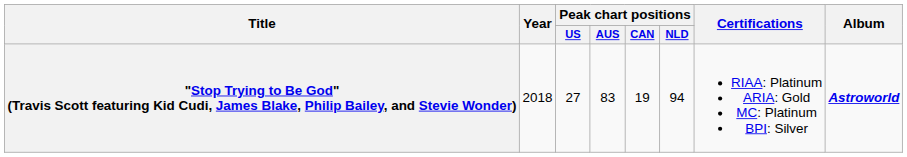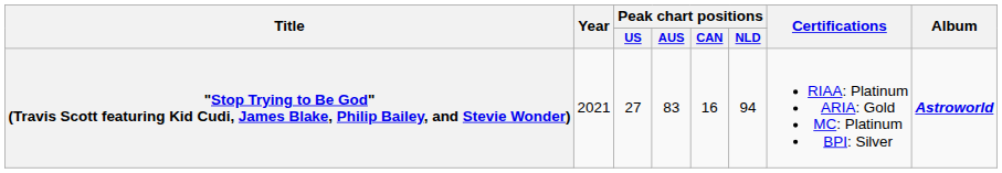 <table class="wikitable plainrowheaders" style="text-align:center;">
 <tr>
 <th rowspan="2">Title</th>
 <th rowspan="2">Year</th>
 <th colspan="4">Peak chart positions</th>
 <th rowspan="2"><a href='#'>Certifications</a></th>
 <th rowspan="2">Album</th>
 </tr>
 <tr style="font-size:smaller;">
 <th width="35"><a href='#'>US</a><br></th>
 <th width="35"><a href='#'>AUS</a><br></th>
 <th width="35"><a href='#'>CAN</a><br></th>
 <th width="35"><a href='#'>NLD</a><br></th>
 </tr>
 <tr>
 <th scope="row">"<a href='#'>Stop Trying to Be God</a>"<br><span>(Travis Scott featuring Kid Cudi, <a href='#'>James Blake</a>, <a href='#'>Philip Bailey</a>, and <a href='#'>Stevie Wonder</a>)</span></th>
-<td>2018</td>
+<td>2021</td>
 <td>27</td>
 <td>83</td>
-<td>19</td>
+<td>16</td>
 <td>94</td>
 <td><br><ul><li><a href='#'>RIAA</a>: Platinum</li><li><a href='#'>ARIA</a>: Gold</li><li><a href='#'>MC</a>: Platinum</li><li><a href='#'>BPI</a>: Silver</li></ul></td>
 <td><strong><em><a href='#'>Astroworld</a></em></strong></td>
 </tr>
 </table>
